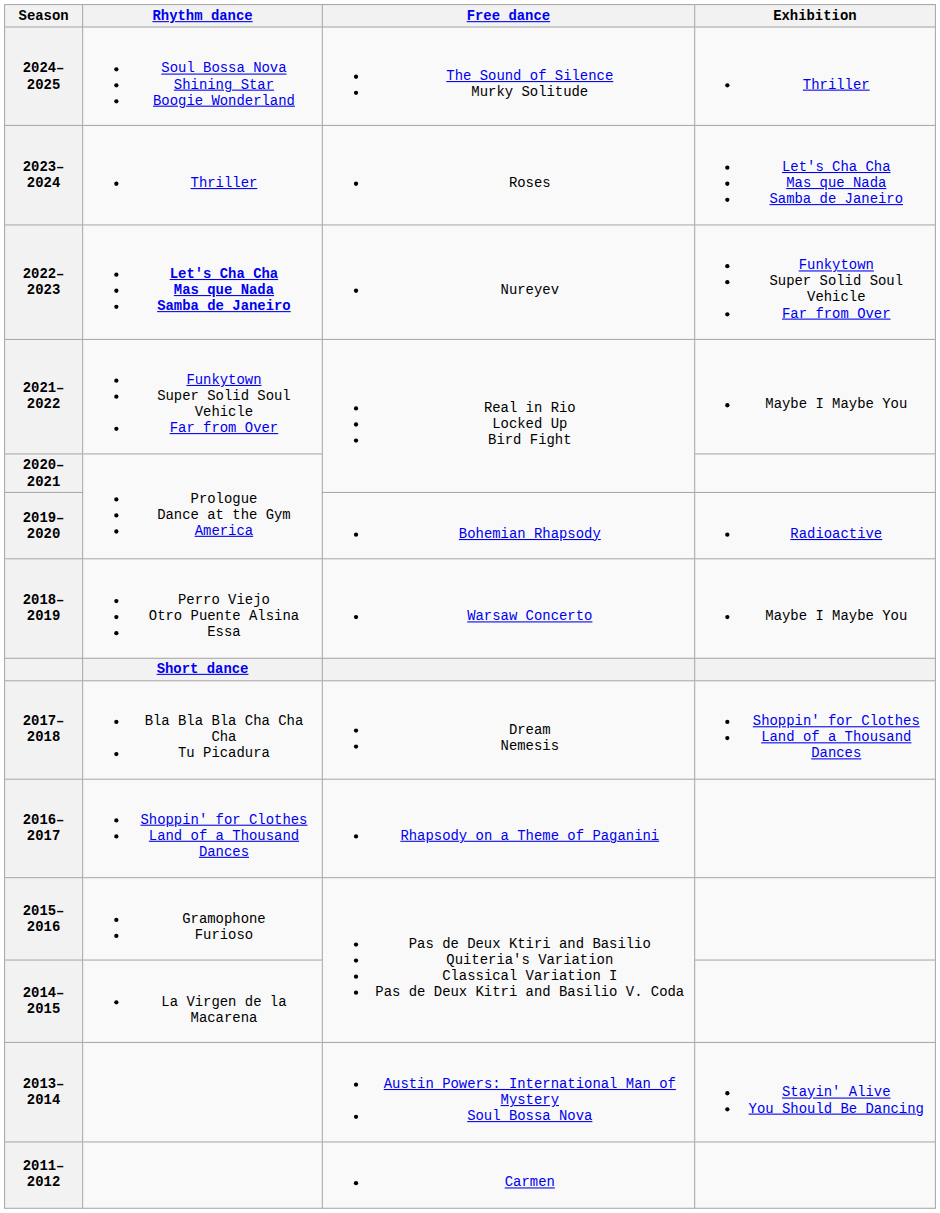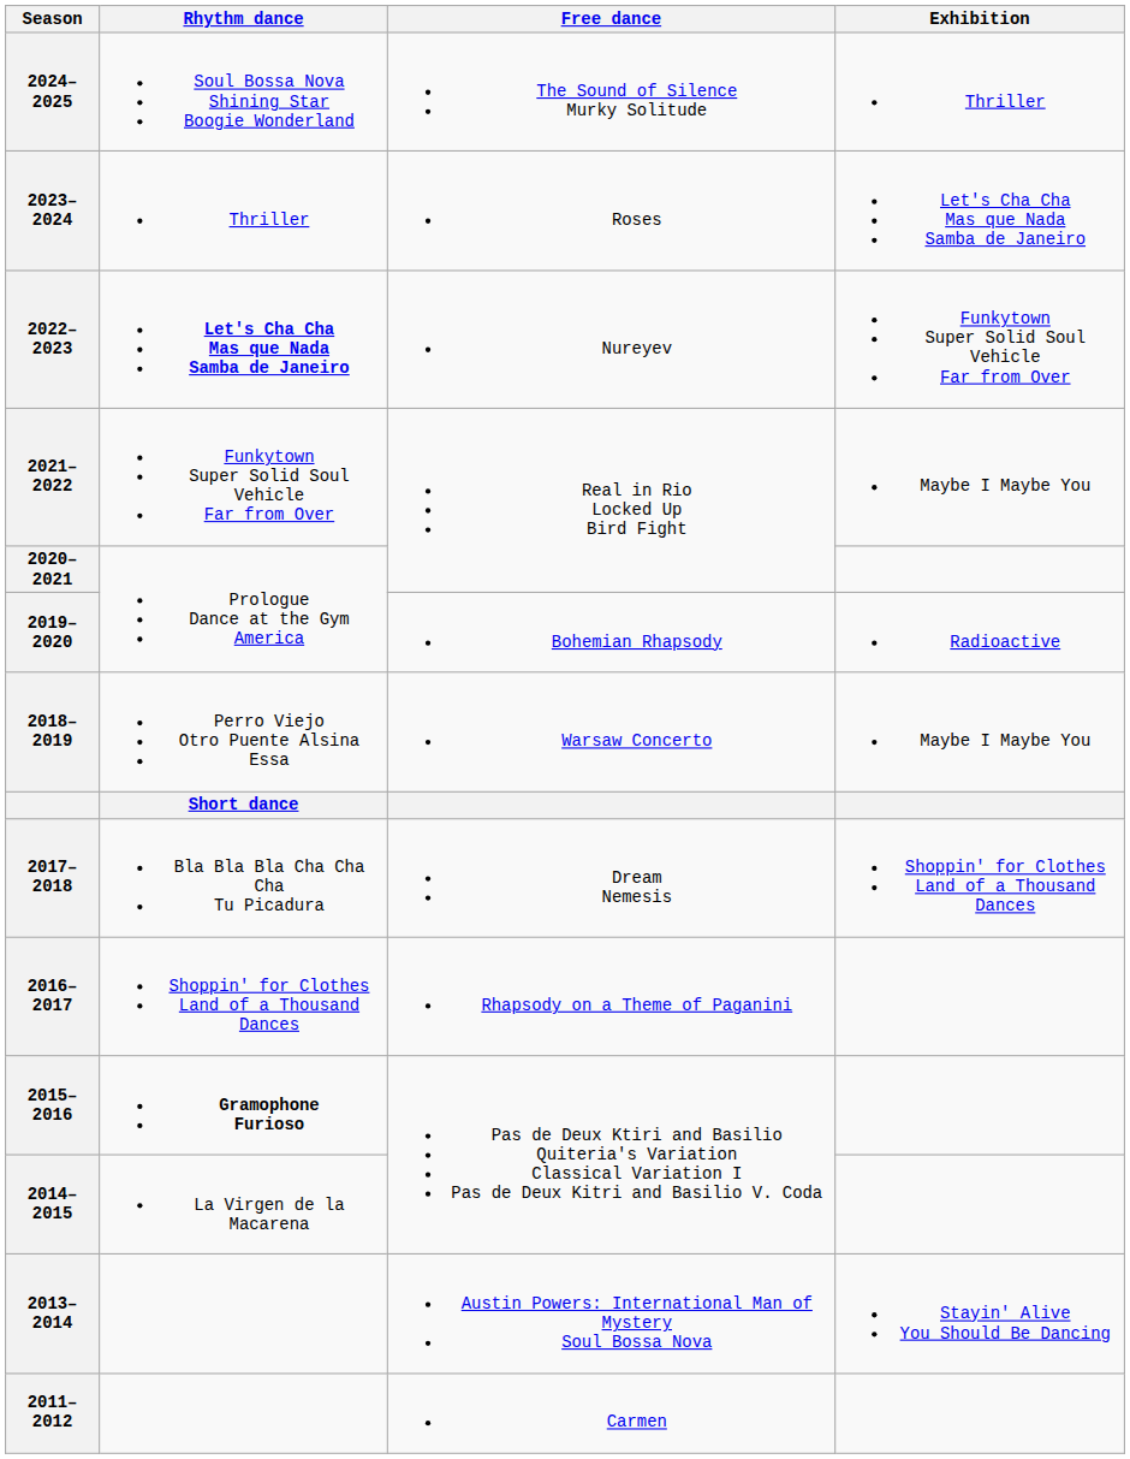 <table class=wikitable style=text-align:center>
 <tr>
 <th>Season</th>
 <th><a href='#'>Rhythm dance</a></th>
 <th><a href='#'>Free dance</a></th>
 <th>Exhibition</th>
 </tr>
 <tr>
 <th>2024–2025 <br> </th>
 <td><br><ul><li><a href='#'>Soul Bossa Nova</a> <br> </li><li><a href='#'>Shining Star</a> <br> </li><li><a href='#'>Boogie Wonderland</a> <br> </li></ul></td>
 <td><br><ul><li><a href='#'>The Sound of Silence</a> <br> </li><li>Murky Solitude <br> </li></ul></td>
 <td><br><ul><li><a href='#'>Thriller</a> <br></li></ul></td>
 </tr>
 <tr>
 <th>2023–2024 <br></th>
 <td><br><ul><li><a href='#'>Thriller</a> <br></li></ul></td>
 <td><br><ul><li>Roses <br> </li></ul></td>
 <td><br><ul><li><a href='#'>Let's Cha Cha</a> <br> </li><li><a href='#'>Mas que Nada</a> <br> </li><li><a href='#'>Samba de Janeiro</a> <br></li></ul></td>
 </tr>
 <tr>
 <th>2022–2023 <br></th>
 <td><strong><br><ul><li> <a href='#'>Let's Cha Cha</a> <br> </li><li> <a href='#'>Mas que Nada</a> <br> </li><li> <a href='#'>Samba de Janeiro</a> <br></li></ul></strong></td>
 <td><br><ul><li>Nureyev <br> </li></ul></td>
 <td><br><ul><li><a href='#'>Funkytown</a> <br> </li><li>Super Solid Soul Vehicle <br> </li><li><a href='#'>Far from Over</a> <br></li></ul></td>
 </tr>
 <tr>
 <th>2021–2022 <br></th>
 <td><br><ul><li> <a href='#'>Funkytown</a> <br> </li><li> Super Solid Soul Vehicle <br> </li><li> <a href='#'>Far from Over</a> <br></li></ul></td>
 <td rowspan=2><br><ul><li>Real in Rio</li><li>Locked Up</li><li>Bird Fight <br> </li></ul></td>
 <td><br><ul><li>Maybe I Maybe You <br></li></ul></td>
 </tr>
 <tr>
 <th>2020–2021 <br></th>
 <td rowspan=2><br><ul><li> Prologue</li><li> Dance at the Gym</li><li> <a href='#'>America</a> <br></li></ul></td>
 <td></td>
 </tr>
 <tr>
 <th>2019–2020 <br></th>
 <td><br><ul><li><a href='#'>Bohemian Rhapsody</a> <br> </li></ul></td>
 <td><br><ul><li><a href='#'>Radioactive</a> <br></li></ul></td>
 </tr>
 <tr>
 <th>2018–2019 <br></th>
 <td><br><ul><li> Perro Viejo</li><li> Otro Puente Alsina</li><li> Essa <br></li></ul></td>
 <td><br><ul><li><a href='#'>Warsaw Concerto</a> <br></li></ul></td>
 <td><br><ul><li>Maybe I Maybe You <br></li></ul></td>
 </tr>
 <tr>
 <th></th>
 <th><a href='#'>Short dance</a></th>
 <th></th>
 <th></th>
 </tr>
 <tr>
 <th>2017–2018 <br></th>
 <td><br><ul><li> Bla Bla Bla Cha Cha Cha <br></li><li> Tu Picadura <br></li></ul></td>
 <td><br><ul><li>Dream <br></li><li>Nemesis <br></li></ul></td>
 <td><br><ul><li> <a href='#'>Shoppin' for Clothes</a> <br></li><li> <a href='#'>Land of a Thousand Dances</a> <br></li></ul></td>
 </tr>
 <tr>
 <th>2016–2017 <br></th>
 <td><br><ul><li> <a href='#'>Shoppin' for Clothes</a> <br></li><li> <a href='#'>Land of a Thousand Dances</a> <br></li></ul></td>
 <td><br><ul><li><a href='#'>Rhapsody on a Theme of Paganini</a> <br></li></ul></td>
 <td></td>
 </tr>
 <tr>
 <th>2015–2016 <br></th>
-<td><br><ul><li> Gramophone <br></li><li> Furioso <br></li></ul></td>
+<td><strong><br><ul><li> Gramophone <br></li><li> Furioso <br></li></ul></strong></td>
 <td rowspan=2><br><ul><li>Pas de Deux Ktiri and Basilio</li><li>Quiteria's Variation</li><li>Classical Variation I</li><li>Pas de Deux Kitri and Basilio V. Coda <br></li></ul></td>
 <td></td>
 </tr>
 <tr>
 <th>2014–2015 <br></th>
 <td><br><ul><li>La Virgen de la Macarena <br></li></ul></td>
 <td></td>
 </tr>
 <tr>
 <th>2013–2014 <br></th>
 <td></td>
 <td><br><ul><li><a href='#'>Austin Powers: International Man of Mystery</a> <br></li><li><a href='#'>Soul Bossa Nova</a> <br> </li></ul></td>
 <td><br><ul><li><a href='#'>Stayin' Alive</a></li><li><a href='#'>You Should Be Dancing</a> <br></li></ul></td>
 </tr>
 <tr>
 <th>2011–2012</th>
 <td></td>
 <td><br><ul><li><a href='#'>Carmen</a> <br></li></ul></td>
 <td></td>
 </tr>
 </table>
